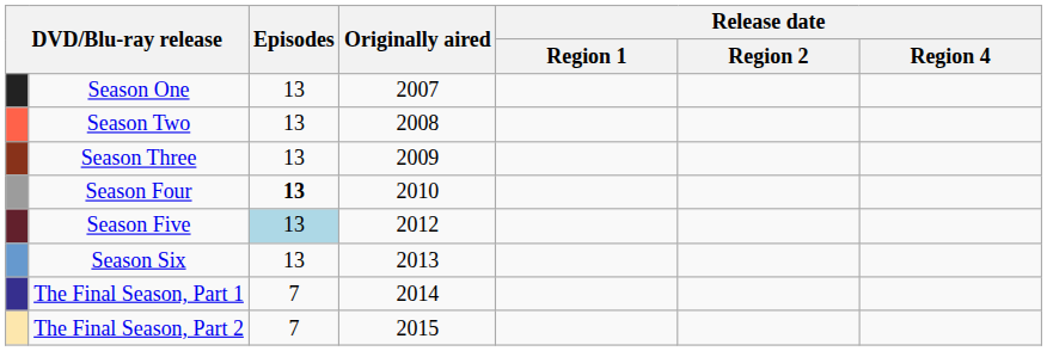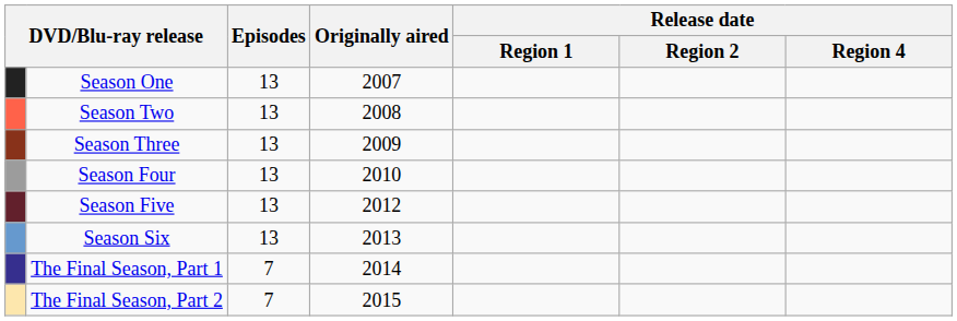 <table class="wikitable">
 <tr>
 <th colspan="2" rowspan="2">DVD/Blu-ray release</th>
 <th rowspan="2">Episodes</th>
 <th rowspan="2">Originally aired</th>
 <th colspan="3" style="width:400px;">Release date</th>
 </tr>
 <tr>
 <th>Region 1</th>
 <th>Region 2</th>
 <th>Region 4</th>
 </tr>
 <tr>
 <td style="background:#222; width:10px;"></td>
 <td style="text-align:center;"><a href='#'>Season One</a></td>
 <td style="text-align:center;">13</td>
 <td style="text-align:center;">2007</td>
 <td style="text-align:center;"></td>
 <td style="text-align:center;"></td>
 <td style="text-align:center;"></td>
 </tr>
 <tr>
 <td style="background:#FF624A; width:10px;"></td>
 <td style="text-align:center;"><a href='#'>Season Two</a></td>
 <td style="text-align:center;">13</td>
 <td style="text-align:center;">2008</td>
 <td style="text-align:center;"></td>
 <td style="text-align:center;"></td>
 <td style="text-align:center;"></td>
 </tr>
 <tr>
 <td style="background:#88321A; width:10px;"></td>
 <td style="text-align:center;"><a href='#'>Season Three</a></td>
 <td style="text-align:center;">13</td>
 <td style="text-align:center;">2009</td>
 <td style="text-align:center;"></td>
 <td style="text-align:center;"></td>
 <td style="text-align:center;"></td>
 </tr>
 <tr>
 <td style="background:#9c9c9c; width:10px;"></td>
 <td style="text-align:center;"><a href='#'>Season Four</a></td>
-<td style="text-align:center;"><strong>13</strong></td>
+<td style="text-align:center;">13</td>
 <td style="text-align:center;">2010</td>
 <td style="text-align:center;"></td>
 <td style="text-align:center;"></td>
 <td style="text-align:center;"></td>
 </tr>
 <tr>
 <td style="background:#62202c; width:10px;"></td>
 <td style="text-align:center;"><a href='#'>Season Five</a></td>
-<td style="background: lightblue; text-align:center;">13</td>
+<td style="text-align:center;">13</td>
 <td style="text-align:center;">2012</td>
 <td style="text-align:center;"></td>
 <td style="text-align:center;"></td>
 <td style="text-align:center;"></td>
 </tr>
 <tr>
 <td style="background:#6699CE; width:10px;"></td>
 <td style="text-align:center;"><a href='#'>Season Six</a></td>
 <td style="text-align:center;">13</td>
 <td style="text-align:center;">2013</td>
 <td style="text-align:center;"></td>
 <td style="text-align:center;"></td>
 <td style="text-align:center;"></td>
 </tr>
 <tr>
 <td style="background:#362F8E; width:10px;"></td>
 <td style="text-align:center;"><a href='#'>The Final Season, Part 1</a></td>
 <td style="text-align:center;">7</td>
 <td style="text-align:center;">2014</td>
 <td style="text-align:center;"></td>
 <td style="text-align:center;"></td>
 <td style="text-align:center;"></td>
 </tr>
 <tr>
 <td style="background:#FDE7AD; width:10px;"></td>
 <td style="text-align:center;"><a href='#'>The Final Season, Part 2</a></td>
 <td style="text-align:center;">7</td>
 <td style="text-align:center;">2015</td>
 <td style="text-align:center;"></td>
 <td style="text-align:center;"></td>
 <td style="text-align:center;"></td>
 </tr>
 </table>
